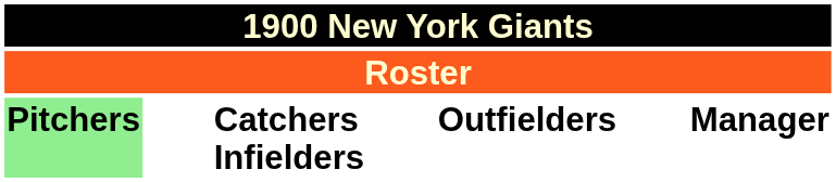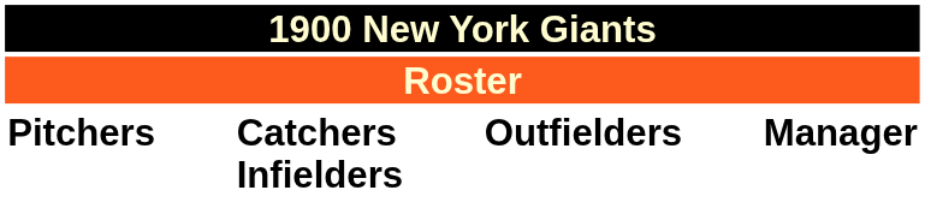 <table class="toccolours" style="font-size: 95%;">
 <tr>
 <th colspan="10" style="background-color: black; color: #FFFDD0; text-align: center;">1900 New York Giants</th>
 </tr>
 <tr>
 <td colspan="10" style="background-color: #fd5a1e; color: #FFFDD0; text-align: center;"><strong>Roster</strong></td>
 </tr>
 <tr>
-<td valign="top" style="background: lightgreen;"><strong>Pitchers</strong><br>       </td>
+<td valign="top"><strong>Pitchers</strong><br>       </td>
 <td width="25px"></td>
 <td valign="top"><strong>Catchers</strong><br>   <strong>Infielders</strong>      </td>
 <td width="25px"></td>
 <td valign="top"><strong>Outfielders</strong><br>     </td>
 <td width="25px"></td>
 <td valign="top"><strong>Manager</strong><br> </td>
 </tr>
 </table>
